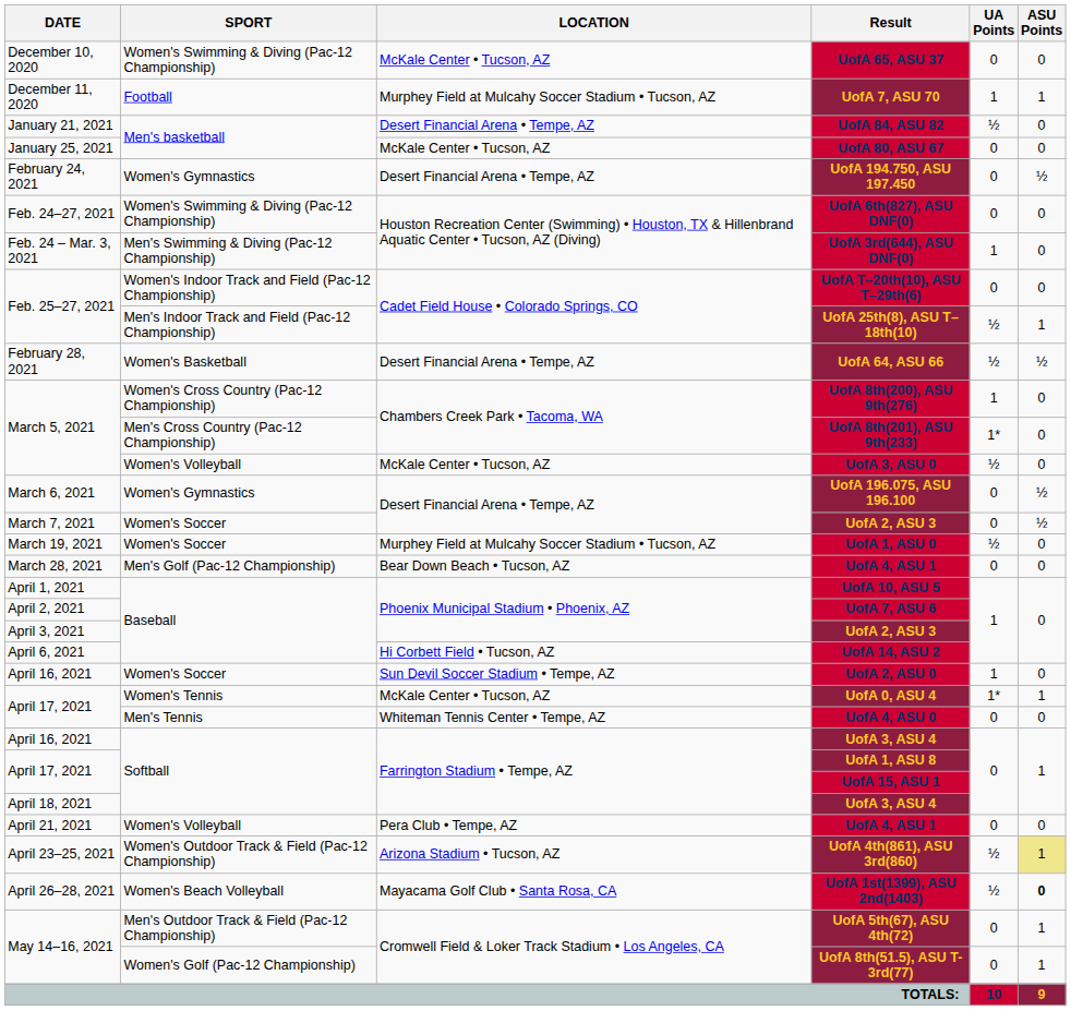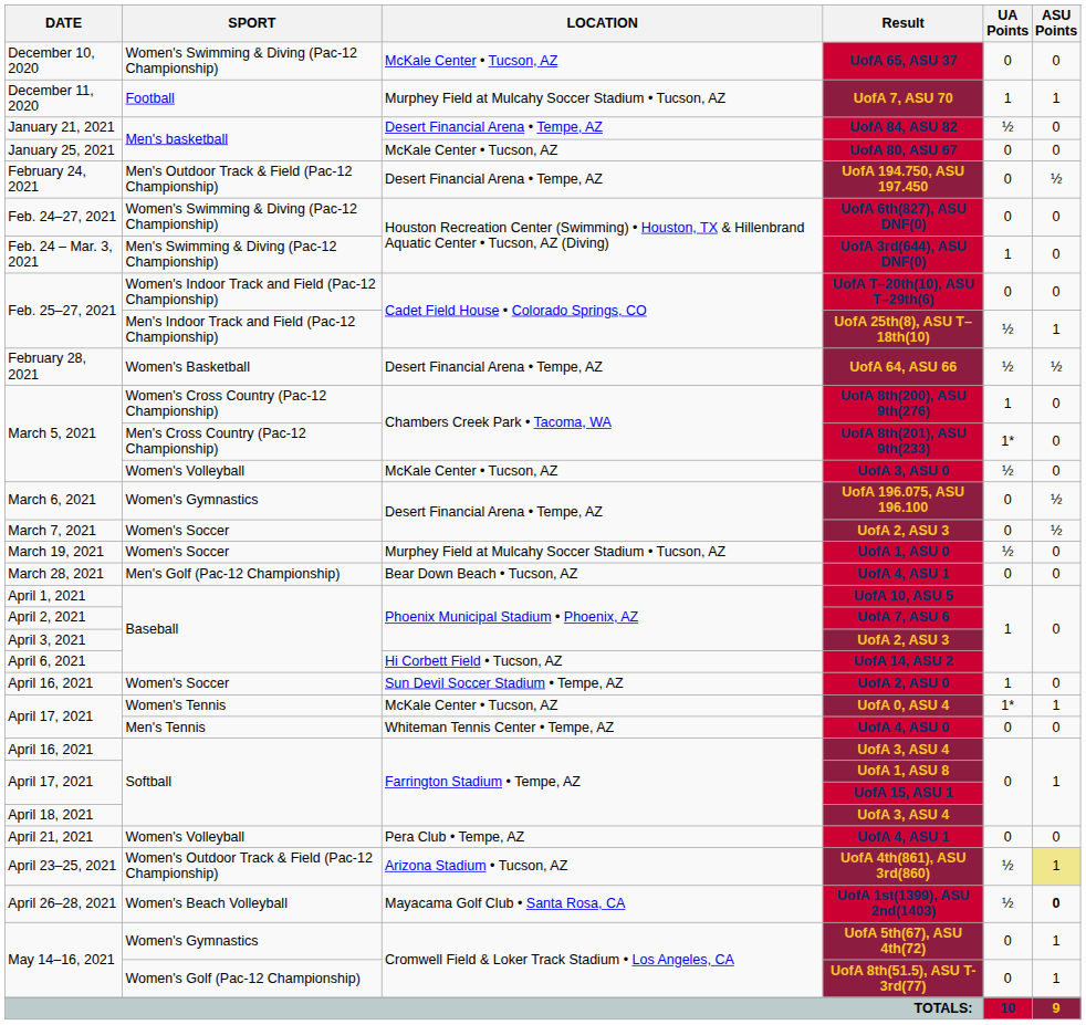 <table class=wikitable>
 <tr>
 <th>DATE</th>
 <th>SPORT</th>
 <th>LOCATION</th>
 <th>Result</th>
 <th>UA<br>Points</th>
 <th>ASU<br>Points</th>
 </tr>
 <tr>
 <td>December 10, 2020</td>
 <td>Women's Swimming & Diving (Pac-12 Championship)</td>
 <td><a href='#'>McKale Center</a> • <a href='#'>Tucson, AZ</a></td>
 <th style="background:#CC0033; color:#003366;">UofA 65, ASU 37</th>
 <td align=center>0</td>
 <td align="center">0</td>
 </tr>
 <tr>
 <td>December 11, 2020</td>
 <td><a href='#'>Football</a></td>
 <td>Murphey Field at Mulcahy Soccer Stadium • Tucson, AZ</td>
 <th style="background:#8C1D40; color:#FFC627;">UofA 7, ASU 70</th>
 <td align=center>1</td>
 <td align=center>1</td>
 </tr>
 <tr>
 <td>January 21, 2021</td>
 <td rowspan=2><a href='#'>Men's basketball</a></td>
 <td><a href='#'>Desert Financial Arena</a> • <a href='#'>Tempe, AZ</a></td>
 <th style="background:#CC0033; color:#003366;">UofA 84, ASU 82</th>
 <td align=center>½</td>
 <td align=center>0</td>
 </tr>
 <tr>
 <td>January 25, 2021</td>
 <td>McKale Center • Tucson, AZ</td>
 <th style="background:#CC0033; color:#003366;">UofA 80, ASU 67</th>
 <td align=center>0</td>
 <td align="center">0</td>
 </tr>
 <tr>
 <td>February 24, 2021</td>
-<td>Women's Gymnastics</td>
+<td>Men's Outdoor Track & Field (Pac-12 Championship)</td>
 <td>Desert Financial Arena • Tempe, AZ</td>
 <th style="background:#8C1D40; color:#FFC627;">UofA 194.750, ASU 197.450</th>
 <td align=center>0</td>
 <td align=center>½</td>
 </tr>
 <tr>
 <td>Feb. 24–27, 2021</td>
 <td>Women's Swimming & Diving (Pac-12 Championship)</td>
 <td rowspan=2>Houston Recreation Center (Swimming) • <a href='#'>Houston, TX</a> & Hillenbrand Aquatic Center • Tucson, AZ (Diving)</td>
 <th style="background:#CC0033; color:#003366;">UofA 6th(827), ASU DNF(0)</th>
 <td align=center>0</td>
 <td align="center">0</td>
 </tr>
 <tr>
 <td>Feb. 24 – Mar. 3, 2021</td>
 <td>Men's Swimming & Diving (Pac-12 Championship)</td>
 <th style="background:#CC0033; color:#003366;">UofA 3rd(644), ASU DNF(0)</th>
 <td align=center>1</td>
 <td align="center">0</td>
 </tr>
 <tr>
 <td rowspan=2>Feb. 25–27, 2021</td>
 <td>Women's Indoor Track and Field (Pac-12 Championship)</td>
 <td rowspan=2><a href='#'>Cadet Field House</a> • <a href='#'>Colorado Springs, CO</a></td>
 <th style="background:#CC0033; color:#003366;">UofA T–20th(10), ASU T–29th(6)</th>
 <td align=center>0</td>
 <td align=center>0</td>
 </tr>
 <tr>
 <td>Men's Indoor Track and Field (Pac-12 Championship)</td>
 <th style="background:#8C1D40; color:#FFC627;">UofA 25th(8), ASU T–18th(10)</th>
 <td align="center">½</td>
 <td align=center>1</td>
 </tr>
 <tr>
 <td>February 28, 2021</td>
 <td>Women's Basketball</td>
 <td>Desert Financial Arena • Tempe, AZ</td>
 <th style="background:#8C1D40; color:#FFC627;">UofA 64, ASU 66</th>
 <td align=center>½</td>
 <td align=center>½</td>
 </tr>
 <tr>
 <td rowspan=3>March 5, 2021</td>
 <td>Women's Cross Country (Pac-12 Championship)</td>
 <td rowspan=2>Chambers Creek Park • <a href='#'>Tacoma, WA</a></td>
 <th style="background:#CC0033; color:#003366;">UofA 8th(200), ASU 9th(276)</th>
 <td align=center>1</td>
 <td align=center>0</td>
 </tr>
 <tr>
 <td>Men's Cross Country (Pac-12 Championship)</td>
 <th style="background:#CC0033; color:#003366;">UofA 8th(201), ASU 9th(233)</th>
 <td align="center">1*</td>
 <td align=center>0</td>
 </tr>
 <tr>
 <td>Women's Volleyball</td>
 <td>McKale Center • Tucson, AZ</td>
 <th style="background:#CC0033; color:#003366;">UofA 3, ASU 0</th>
 <td align=center>½</td>
 <td align=center>0</td>
 </tr>
 <tr>
 <td>March 6, 2021</td>
 <td>Women's Gymnastics</td>
 <td rowspan=2>Desert Financial Arena • Tempe, AZ</td>
 <th style="background:#8C1D40; color:#FFC627;">UofA 196.075, ASU 196.100</th>
 <td align="center">0</td>
 <td align="center">½</td>
 </tr>
 <tr>
 <td>March 7, 2021</td>
 <td>Women's Soccer</td>
 <th style="background:#8C1D40; color:#FFC627;">UofA 2, ASU 3</th>
 <td align=center>0</td>
 <td align=center>½</td>
 </tr>
 <tr>
 <td>March 19, 2021</td>
 <td>Women's Soccer</td>
 <td>Murphey Field at Mulcahy Soccer Stadium • Tucson, AZ</td>
 <th style="background:#CC0033; color:#003366;">UofA 1, ASU 0</th>
 <td align=center>½</td>
 <td align=center>0</td>
 </tr>
 <tr>
 <td>March 28, 2021</td>
 <td>Men's Golf (Pac-12 Championship)</td>
 <td>Bear Down Beach • Tucson, AZ</td>
 <th style="background:#CC0033; color:#003366;">UofA 4, ASU 1</th>
 <td align="center">0</td>
 <td align=center>0</td>
 </tr>
 <tr>
 <td>April 1, 2021</td>
 <td rowspan=4>Baseball</td>
 <td rowspan=3><a href='#'>Phoenix Municipal Stadium</a> • <a href='#'>Phoenix, AZ</a></td>
 <th style="background:#CC0033; color:#003366;">UofA 10, ASU 5</th>
 <td rowspan=4 align=center>1</td>
 <td rowspan=4 align=center>0</td>
 </tr>
 <tr>
 <td>April 2, 2021</td>
 <th style="background:#CC0033; color:#003366;">UofA 7, ASU 6</th>
 </tr>
 <tr>
 <td>April 3, 2021</td>
 <th style="background:#8C1D40; color:#FFC627;">UofA 2, ASU 3</th>
 </tr>
 <tr>
 <td>April 6, 2021</td>
 <td><a href='#'>Hi Corbett Field</a> • Tucson, AZ</td>
 <th style="background:#CC0033; color:#003366;">UofA 14, ASU 2</th>
 </tr>
 <tr>
 <td>April 16, 2021</td>
 <td>Women's Soccer</td>
 <td><a href='#'>Sun Devil Soccer Stadium</a> • Tempe, AZ</td>
 <th style="background:#CC0033; color:#003366;">UofA 2, ASU 0</th>
 <td align="center">1</td>
 <td align=center>0</td>
 </tr>
 <tr>
 <td rowspan=2>April 17, 2021</td>
 <td>Women's Tennis</td>
 <td>McKale Center • Tucson, AZ</td>
 <th style="background:#8C1D40; color:#FFC627;">UofA 0, ASU 4</th>
 <td align="center">1*</td>
 <td align=center>1</td>
 </tr>
 <tr>
 <td>Men's Tennis</td>
 <td>Whiteman Tennis Center • Tempe, AZ</td>
 <th style="background:#CC0033; color:#003366;">UofA 4, ASU 0</th>
 <td align="center">0</td>
 <td align="center">0</td>
 </tr>
 <tr>
 <td>April 16, 2021</td>
 <td rowspan="4">Softball</td>
 <td rowspan="4"><a href='#'>Farrington Stadium</a> • Tempe, AZ</td>
 <th style="background:#8C1D40; color:#FFC627;">UofA 3, ASU 4</th>
 <td rowspan="4" align="center">0</td>
 <td rowspan="4" align="center">1</td>
 </tr>
 <tr>
 <td rowspan=2>April 17, 2021</td>
 <th style="background:#8C1D40; color:#FFC627;">UofA 1, ASU 8</th>
 </tr>
 <tr>
 <th style="background:#CC0033; color:#003366;">UofA 15, ASU 1</th>
 </tr>
 <tr>
 <td>April 18, 2021</td>
 <th style="background:#8C1D40; color:#FFC627;">UofA 3, ASU 4</th>
 </tr>
 <tr>
 <td>April 21, 2021</td>
 <td>Women's Volleyball</td>
 <td>Pera Club • Tempe, AZ</td>
 <th style="background:#CC0033; color:#003366;">UofA 4, ASU 1</th>
 <td align=center>0</td>
 <td align=center>0</td>
 </tr>
 <tr>
 <td>April 23–25, 2021</td>
 <td>Women's Outdoor Track & Field (Pac-12 Championship)</td>
 <td><a href='#'>Arizona Stadium</a> • Tucson, AZ</td>
 <th style="background:#8C1D40; color:#FFC627;">UofA 4th(861), ASU 3rd(860)</th>
 <td align=center>½</td>
 <td align="center" style="background: khaki;">1</td>
 </tr>
 <tr>
 <td>April 26–28, 2021</td>
 <td>Women's Beach Volleyball</td>
 <td>Mayacama Golf Club  • <a href='#'>Santa Rosa, CA</a></td>
 <th style="background:#CC0033; color:#003366;">UofA 1st(1399), ASU 2nd(1403)</th>
 <td align=center>½</td>
 <td align="center"><strong>0</strong></td>
 </tr>
 <tr>
 <td rowspan=2>May 14–16, 2021</td>
-<td>Men's Outdoor Track & Field (Pac-12 Championship)</td>
+<td>Women's Gymnastics</td>
 <td rowspan=2>Cromwell Field & Loker Track Stadium • <a href='#'>Los Angeles, CA</a></td>
 <th style="background:#8C1D40; color:#FFC627;">UofA 5th(67), ASU 4th(72)</th>
 <td align="center">0</td>
 <td align="center">1</td>
 </tr>
 <tr>
 <td>Women's Golf (Pac-12 Championship)</td>
 <th style="background:#8C1D40; color:#FFC627;">UofA 8th(51.5), ASU T-3rd(77)</th>
 <td align="center">0</td>
 <td align="center">1</td>
 </tr>
 <tr>
 </tr>
 <tr style="background:#bccccc;">
 <td colspan="4" style="text-align:right;"><strong>TOTALS:</strong>  </td>
 <th style="background:#CC0033; color:#003366;">10</th>
 <th style="background:#8C1D40; color:#FFC627;">9</th>
 </tr>
 </table>
